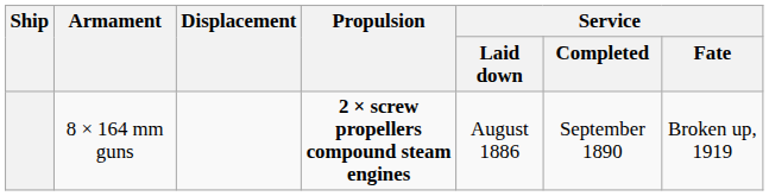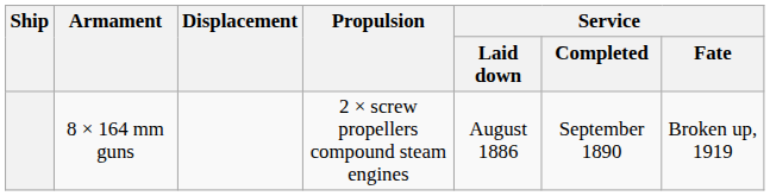 <table class="wikitable plainrowheaders" style="text-align: center;">
 <tr valign="top">
 <th scope="col" rowspan="2">Ship</th>
 <th scope="col" rowspan="2">Armament</th>
 <th scope="col" rowspan="2">Displacement</th>
 <th scope="col" rowspan="2">Propulsion</th>
 <th scope="col" colspan="3">Service</th>
 </tr>
 <tr valign="top">
 <th scope="col">Laid down</th>
 <th scope="col">Completed</th>
 <th scope="col">Fate</th>
 </tr>
 <tr valign="center">
 <th scope="row"></th>
 <td>8 × 164 mm guns</td>
 <td></td>
-<td><strong>2 × screw propellers<br>compound steam engines<br></strong></td>
+<td>2 × screw propellers<br>compound steam engines<br></td>
 <td>August 1886</td>
 <td>September 1890</td>
 <td>Broken up, 1919</td>
 </tr>
 </table>
